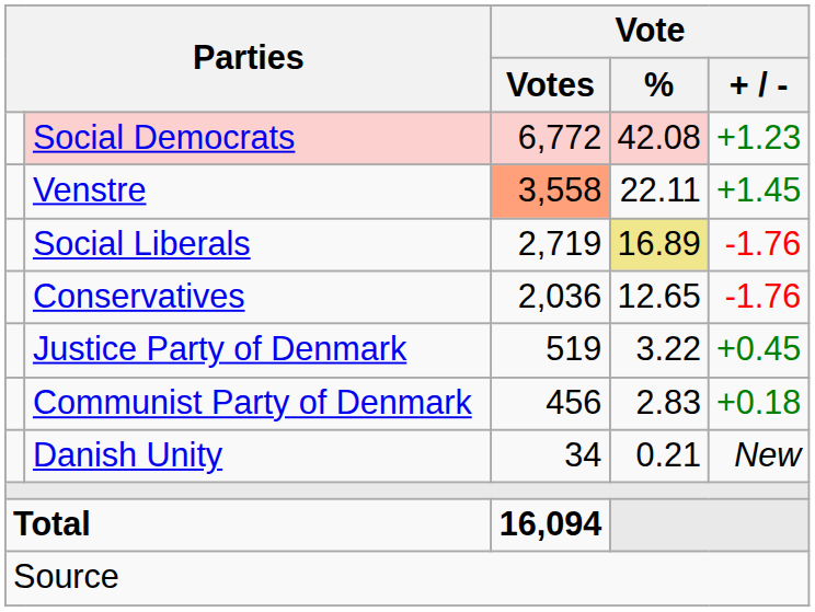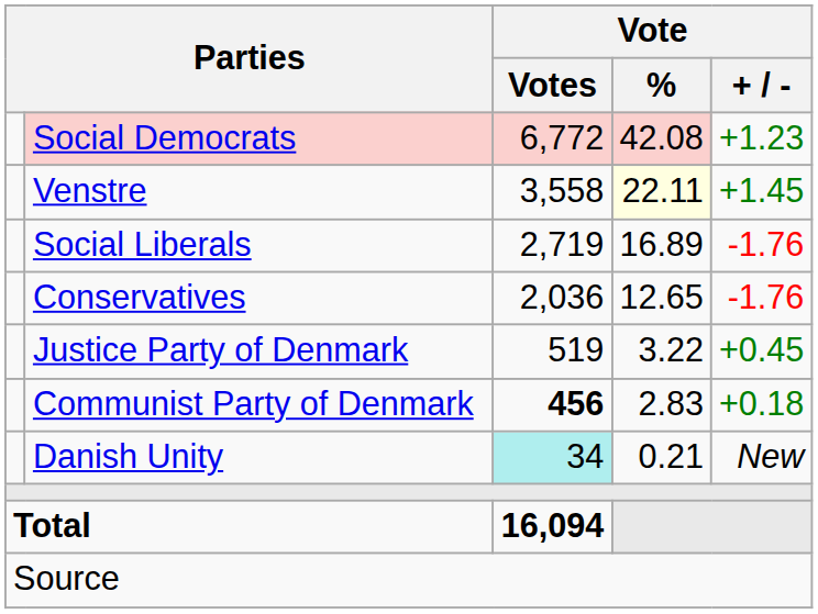 <table class="wikitable" style="text-align:right;">
 <tr>
 <th style="text-align:centre;" rowspan="2" colspan="2" width="225">Parties</th>
 <th colspan="3">Vote</th>
 </tr>
 <tr>
 <th width="15">Votes</th>
 <th width="15">%</th>
 <th width="15">+ / -</th>
 </tr>
 <tr>
 <td width="2" style="color:inherit;background:"></td>
 <td bgcolor=#fbd0ce  align="left"><a href='#'>Social Democrats</a></td>
 <td bgcolor=#fbd0ce>6,772</td>
 <td bgcolor=#fbd0ce>42.08</td>
 <td style=color:green;>+1.23</td>
 </tr>
 <tr>
 <td width="2" style="color:inherit;background:"></td>
 <td align="left"><a href='#'>Venstre</a></td>
-<td style="background: lightsalmon;">3,558</td>
-<td>22.11</td>
+<td>3,558</td>
+<td style="background: lightyellow;">22.11</td>
 <td style=color:green;>+1.45</td>
 </tr>
 <tr>
 <td width="2" style="color:inherit;background:"></td>
 <td align="left"><a href='#'>Social Liberals</a></td>
 <td>2,719</td>
-<td style="background: khaki;">16.89</td>
+<td>16.89</td>
 <td style=color:red;>-1.76</td>
 </tr>
 <tr>
 <td width="2" style="color:inherit;background:"></td>
 <td align="left"><a href='#'>Conservatives</a></td>
 <td>2,036</td>
 <td>12.65</td>
 <td style=color:red;>-1.76</td>
 </tr>
 <tr>
 <td width="2" style="color:inherit;background:"></td>
 <td align="left"><a href='#'>Justice Party of Denmark</a></td>
 <td>519</td>
 <td>3.22</td>
 <td style=color:green;>+0.45</td>
 </tr>
 <tr>
 <td width="2" style="color:inherit;background:"></td>
 <td align="left"><a href='#'>Communist Party of Denmark</a></td>
-<td>456</td>
+<td><strong>456</strong></td>
 <td>2.83</td>
 <td style=color:green;>+0.18</td>
 </tr>
 <tr>
 <td width="2" style="color:inherit;background:"></td>
 <td align="left"><a href='#'>Danish Unity</a></td>
-<td>34</td>
+<td style="background: paleturquoise;">34</td>
 <td>0.21</td>
 <td><em>New</em></td>
 </tr>
 <tr>
 <td colspan="7" bgcolor="#E9E9E9"></td>
 </tr>
 <tr>
 <td align="left" colspan="2"><strong>Total</strong></td>
 <td><strong>16,094</strong></td>
 <td bgcolor="#E9E9E9" colspan="2"></td>
 </tr>
 <tr>
 <td align="left" colspan="6">Source</td>
 </tr>
 </table>
